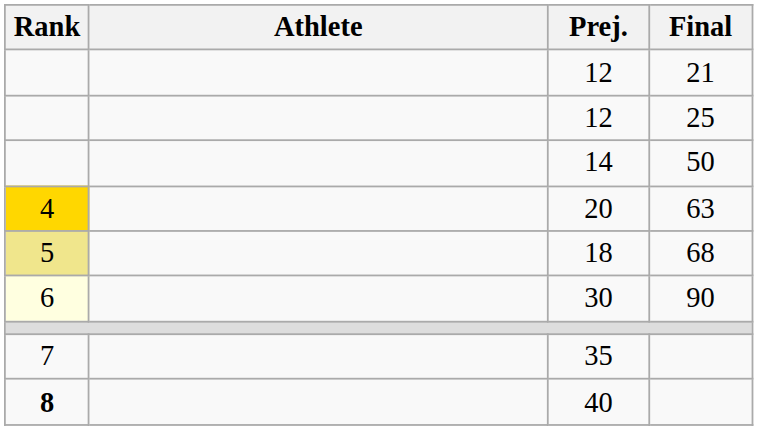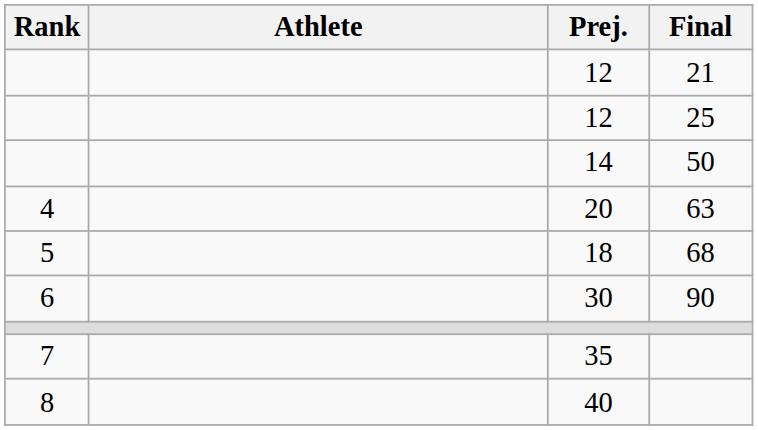 <table class=wikitable style="text-align:center">
 <tr>
 <th width=40>Rank</th>
 <th width=250>Athlete</th>
 <th width=50>Prej.</th>
 <th width=50>Final</th>
 </tr>
 <tr>
 <td></td>
 <td align=left></td>
 <td>12</td>
 <td>21</td>
 </tr>
 <tr>
 <td></td>
 <td align=left></td>
 <td>12</td>
 <td>25</td>
 </tr>
 <tr>
 <td></td>
 <td align=left></td>
 <td>14</td>
 <td>50</td>
 </tr>
 <tr>
-<td style="background: gold;">4</td>
+<td>4</td>
 <td align=left></td>
 <td>20</td>
 <td>63</td>
 </tr>
 <tr>
-<td style="background: khaki;">5</td>
+<td>5</td>
 <td align=left></td>
 <td>18</td>
 <td>68</td>
 </tr>
 <tr>
-<td style="background: lightyellow;">6</td>
+<td>6</td>
 <td align=left></td>
 <td>30</td>
 <td>90</td>
 </tr>
 <tr bgcolor=#DDDDDD>
 <td colspan=4></td>
 </tr>
 <tr>
 <td>7</td>
 <td align=left></td>
 <td>35</td>
 <td></td>
 </tr>
 <tr>
-<td><strong>8</strong></td>
+<td>8</td>
 <td align=left></td>
 <td>40</td>
 <td></td>
 </tr>
 </table>
